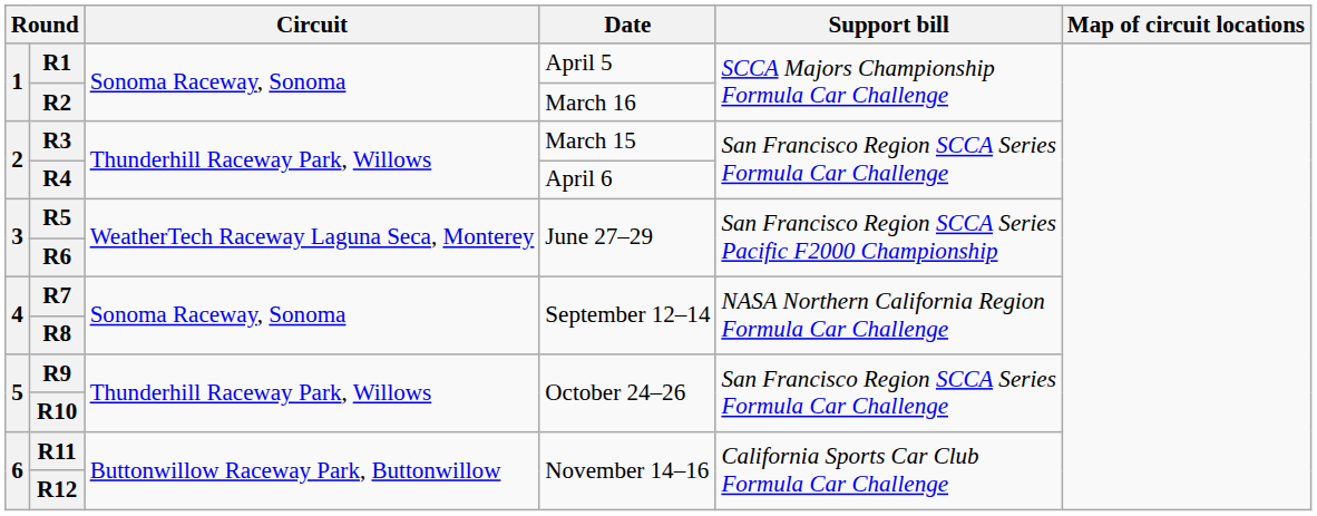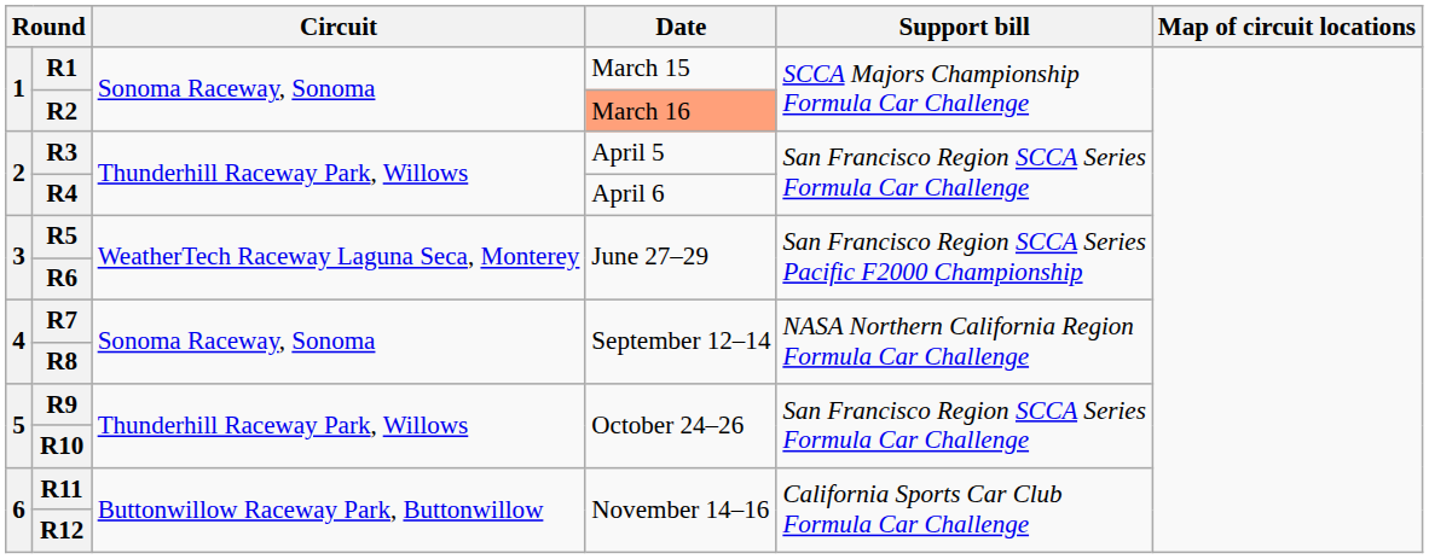 <table class="wikitable" style="font-size:85%;">
 <tr>
 <th colspan="2">Round</th>
 <th>Circuit</th>
 <th>Date</th>
 <th>Support bill</th>
 <th>Map of circuit locations</th>
 </tr>
 <tr>
 <th rowspan="2">1</th>
 <th>R1</th>
 <td rowspan="2"><a href='#'>Sonoma Raceway</a>, <a href='#'>Sonoma</a></td>
-<td>April 5</td>
+<td>March 15</td>
 <td rowspan="2"><em><a href='#'>SCCA</a> Majors Championship<br><a href='#'>Formula Car Challenge</a></em></td>
 <td rowspan="12"></td>
 </tr>
 <tr>
 <th>R2</th>
-<td>March 16</td>
+<td style="background: lightsalmon;">March 16</td>
 </tr>
 <tr>
 <th rowspan="2">2</th>
 <th>R3</th>
 <td rowspan="2"><a href='#'>Thunderhill Raceway Park</a>, <a href='#'>Willows</a></td>
-<td>March 15</td>
+<td>April 5</td>
 <td rowspan="2"><em>San Francisco Region <a href='#'>SCCA</a> Series<br><a href='#'>Formula Car Challenge</a></em></td>
 </tr>
 <tr>
 <th>R4</th>
 <td>April 6</td>
 </tr>
 <tr>
 <th rowspan="2">3</th>
 <th>R5</th>
 <td rowspan="2"><a href='#'>WeatherTech Raceway Laguna Seca</a>, <a href='#'>Monterey</a></td>
 <td rowspan="2">June 27–29</td>
 <td rowspan=2><em>San Francisco Region <a href='#'>SCCA</a> Series<br><a href='#'>Pacific F2000 Championship</a></em></td>
 </tr>
 <tr>
 <th>R6</th>
 </tr>
 <tr>
 <th rowspan="2">4</th>
 <th>R7</th>
 <td rowspan="2"><a href='#'>Sonoma Raceway</a>, <a href='#'>Sonoma</a></td>
 <td rowspan="2">September 12–14</td>
 <td rowspan="2"><em>NASA Northern California Region<br><a href='#'>Formula Car Challenge</a></em></td>
 </tr>
 <tr>
 <th>R8</th>
 </tr>
 <tr>
 <th rowspan="2">5</th>
 <th>R9</th>
 <td rowspan=2><a href='#'>Thunderhill Raceway Park</a>, <a href='#'>Willows</a></td>
 <td rowspan="2">October 24–26</td>
 <td rowspan=2><em>San Francisco Region <a href='#'>SCCA</a> Series<br><a href='#'>Formula Car Challenge</a></em></td>
 </tr>
 <tr>
 <th>R10</th>
 </tr>
 <tr>
 <th rowspan="2">6</th>
 <th>R11</th>
 <td rowspan=2><a href='#'>Buttonwillow Raceway Park</a>, <a href='#'>Buttonwillow</a></td>
 <td rowspan="2">November 14–16</td>
 <td rowspan=2><em>California Sports Car Club<br><a href='#'>Formula Car Challenge</a></em></td>
 </tr>
 <tr>
 <th>R12</th>
 </tr>
 </table>
